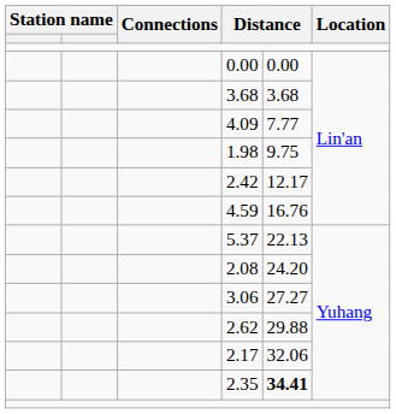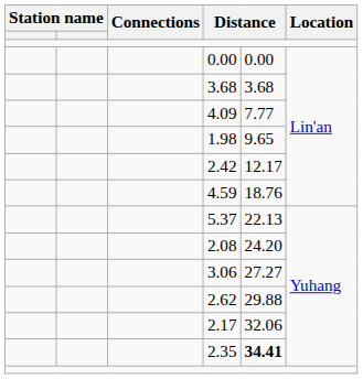 <table class="wikitable">
 <tr>
 <th colspan="2">Station name</th>
 <th rowspan="2">Connections</th>
 <th colspan="2" rowspan="2">Distance<br></th>
 <th rowspan="2">Location</th>
 </tr>
 <tr>
 <th></th>
 <th></th>
 </tr>
 <tr style="background:#">
 <td colspan = "7"></td>
 </tr>
 <tr>
 <td></td>
 <td></td>
 <td></td>
 <td>0.00</td>
 <td>0.00</td>
 <td rowspan="6"><a href='#'>Lin'an</a></td>
 </tr>
 <tr>
 <td></td>
 <td></td>
 <td></td>
 <td>3.68</td>
 <td>3.68</td>
 </tr>
 <tr>
 <td></td>
 <td></td>
 <td></td>
 <td>4.09</td>
 <td>7.77</td>
 </tr>
 <tr>
 <td></td>
 <td></td>
 <td></td>
 <td>1.98</td>
-<td>9.75</td>
+<td>9.65</td>
 </tr>
 <tr>
 <td></td>
 <td></td>
 <td></td>
 <td>2.42</td>
 <td>12.17</td>
 </tr>
 <tr>
 <td></td>
 <td></td>
 <td></td>
 <td>4.59</td>
-<td>16.76</td>
+<td>18.76</td>
 </tr>
 <tr>
 <td></td>
 <td></td>
 <td></td>
 <td>5.37</td>
 <td>22.13</td>
 <td rowspan="6"><a href='#'>Yuhang</a></td>
 </tr>
 <tr>
 <td></td>
 <td></td>
 <td></td>
 <td>2.08</td>
 <td>24.20</td>
 </tr>
 <tr>
 <td></td>
 <td></td>
 <td></td>
 <td>3.06</td>
 <td>27.27</td>
 </tr>
 <tr>
 <td></td>
 <td></td>
 <td></td>
 <td>2.62</td>
 <td>29.88</td>
 </tr>
 <tr>
 <td></td>
 <td></td>
 <td></td>
 <td>2.17</td>
 <td>32.06</td>
 </tr>
 <tr>
 <td></td>
 <td></td>
 <td> </td>
 <td>2.35</td>
 <td><strong>34.41</strong></td>
 </tr>
 <tr style="background:#">
 <td colspan = "7"></td>
 </tr>
 </table>
